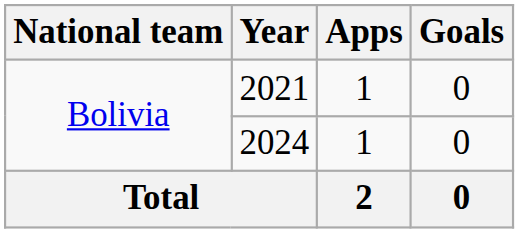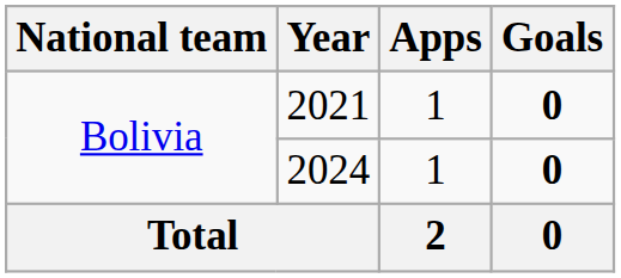 <table class="wikitable" style="text-align:center">
 <tr>
 <th>National team</th>
 <th>Year</th>
 <th>Apps</th>
 <th>Goals</th>
 </tr>
 <tr>
 <td rowspan="2"><a href='#'>Bolivia</a></td>
 <td>2021</td>
 <td>1</td>
-<td>0</td>
+<td><strong>0</strong></td>
 </tr>
 <tr>
 <td>2024</td>
 <td>1</td>
-<td>0</td>
+<td><strong>0</strong></td>
 </tr>
 <tr>
 <th colspan="2">Total</th>
 <th>2</th>
 <th>0</th>
 </tr>
 </table>
